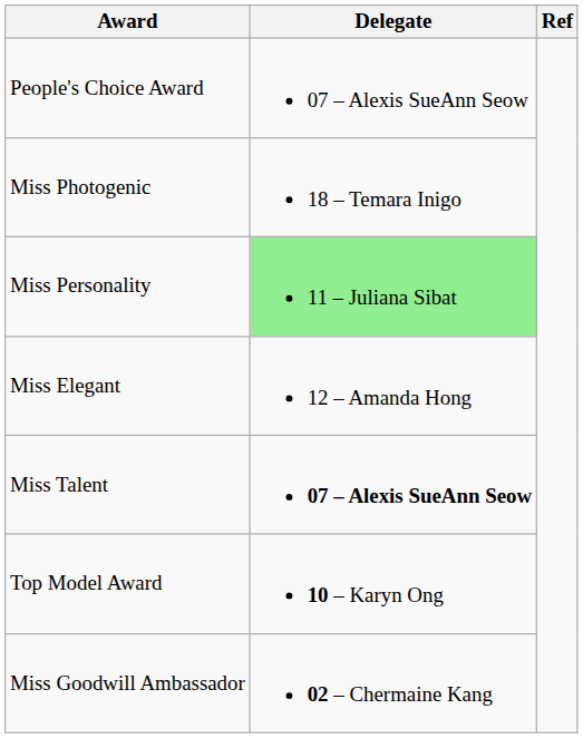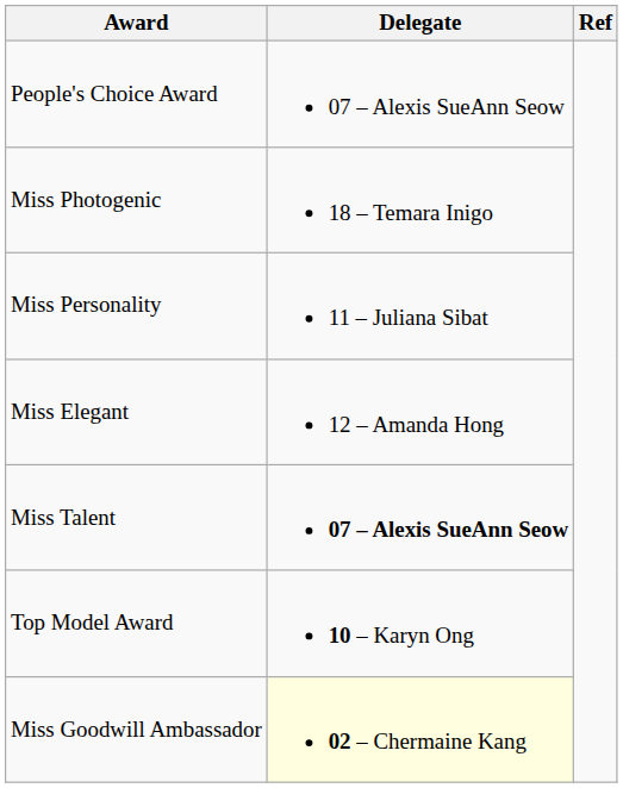 <table class="wikitable">
 <tr>
 <th>Award</th>
 <th>Delegate</th>
 <th>Ref</th>
 </tr>
 <tr>
 <td>People's Choice Award</td>
 <td><br><ul><li>07 – Alexis SueAnn Seow</li></ul></td>
 <td rowspan="7"></td>
 </tr>
 <tr>
 <td>Miss Photogenic</td>
 <td><br><ul><li>18 – Temara Inigo</li></ul></td>
 </tr>
 <tr>
 <td>Miss Personality</td>
-<td style="background: lightgreen;"><br><ul><li>11 – Juliana Sibat</li></ul></td>
+<td><br><ul><li>11 – Juliana Sibat</li></ul></td>
 </tr>
 <tr>
 <td>Miss Elegant</td>
 <td><br><ul><li>12 – Amanda Hong</li></ul></td>
 </tr>
 <tr>
 <td>Miss Talent</td>
 <td><strong><br><ul><li>07 – Alexis SueAnn Seow</li></ul></strong></td>
 </tr>
 <tr>
 <td>Top Model Award</td>
 <td><br><ul><li><strong>10</strong> – Karyn Ong</li></ul></td>
 </tr>
 <tr>
 <td>Miss Goodwill Ambassador</td>
-<td><br><ul><li><strong>02</strong> – Chermaine Kang</li></ul></td>
+<td style="background: lightyellow;"><br><ul><li><strong>02</strong> – Chermaine Kang</li></ul></td>
 </tr>
 </table>
